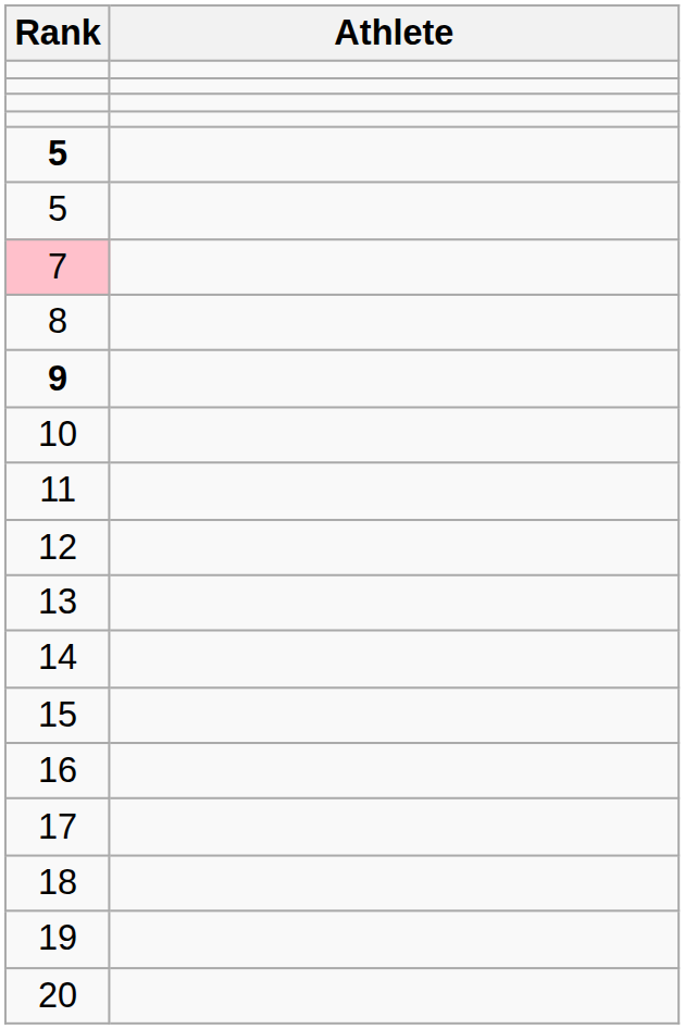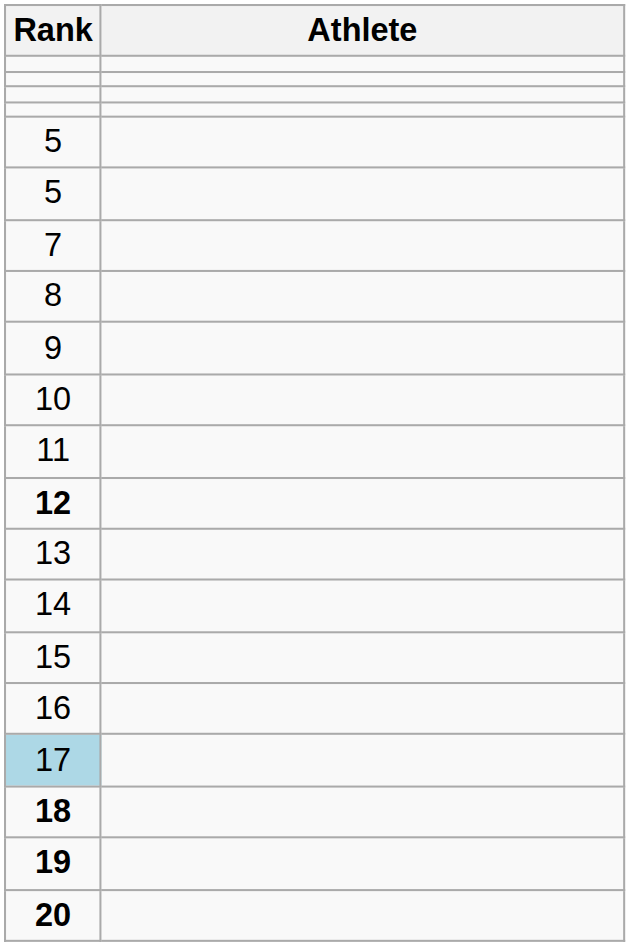 <table class="wikitable" style="text-align: center;">
 <tr>
 <th width=40>Rank</th>
 <th width=250>Athlete</th>
 </tr>
 <tr>
 <td></td>
 <td align="left"></td>
 </tr>
 <tr>
 <td></td>
 <td align="left"></td>
 </tr>
 <tr>
 <td></td>
 <td align="left"></td>
 </tr>
 <tr>
 <td></td>
 <td align="left"></td>
 </tr>
 <tr>
-<td><strong>5</strong></td>
+<td>5</td>
 <td align="left"></td>
 </tr>
 <tr>
 <td>5</td>
 <td align="left"></td>
 </tr>
 <tr>
-<td style="background: pink;">7</td>
+<td>7</td>
 <td align="left"></td>
 </tr>
 <tr>
 <td>8</td>
 <td align="left"></td>
 </tr>
 <tr>
-<td><strong>9</strong></td>
+<td>9</td>
 <td align="left"></td>
 </tr>
 <tr>
 <td>10</td>
 <td align="left"></td>
 </tr>
 <tr>
 <td>11</td>
 <td align="left"></td>
 </tr>
 <tr>
-<td>12</td>
+<td><strong>12</strong></td>
 <td align="left"></td>
 </tr>
 <tr>
 <td>13</td>
 <td align="left"></td>
 </tr>
 <tr>
 <td>14</td>
 <td align="left"></td>
 </tr>
 <tr>
 <td>15</td>
 <td align="left"></td>
 </tr>
 <tr>
 <td>16</td>
 <td align="left"></td>
 </tr>
 <tr>
-<td>17</td>
+<td style="background: lightblue;">17</td>
 <td align="left"></td>
 </tr>
 <tr>
-<td>18</td>
+<td><strong>18</strong></td>
 <td align="left"></td>
 </tr>
 <tr>
-<td>19</td>
+<td><strong>19</strong></td>
 <td align="left"></td>
 </tr>
 <tr>
-<td>20</td>
+<td><strong>20</strong></td>
 <td align="left"></td>
 </tr>
 </table>
